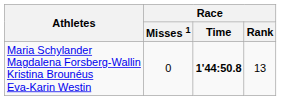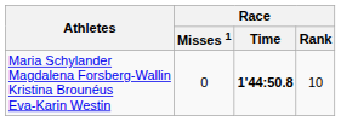 <table class="wikitable" border="1" style="font-size:90%">
 <tr>
 <th rowspan=2>Athletes</th>
 <th colspan=3>Race</th>
 </tr>
 <tr>
 <th>Misses <sup>1</sup></th>
 <th>Time</th>
 <th>Rank</th>
 </tr>
 <tr>
 <td><a href='#'>Maria Schylander</a><br><a href='#'>Magdalena Forsberg-Wallin</a><br><a href='#'>Kristina Brounéus</a><br><a href='#'>Eva-Karin Westin</a></td>
 <td align=center>0</td>
 <td align=center><strong>1'44:50.8</strong></td>
-<td align=center>13</td>
+<td align=center>10</td>
 </tr>
 </table>
